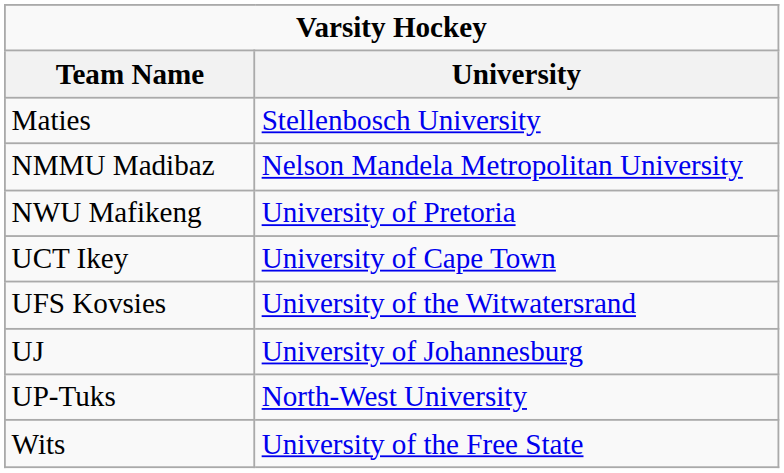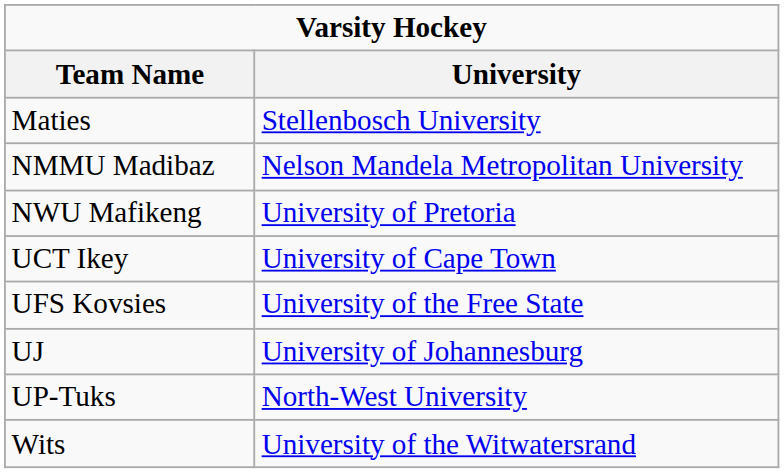 <table class="wikitable">
 <tr>
 <td colspan=3 align=center><strong>Varsity Hockey</strong></td>
 </tr>
 <tr>
 <th width="130">Team Name</th>
 <th width="280">University</th>
 </tr>
 <tr>
 <td>Maties</td>
 <td><a href='#'>Stellenbosch University</a></td>
 </tr>
 <tr>
 <td>NMMU Madibaz</td>
 <td><a href='#'>Nelson Mandela Metropolitan University</a></td>
 </tr>
 <tr>
 <td>NWU Mafikeng</td>
 <td><a href='#'>University of Pretoria</a></td>
 </tr>
 <tr>
 <td>UCT Ikey</td>
 <td><a href='#'>University of Cape Town</a></td>
 </tr>
 <tr>
 <td>UFS Kovsies</td>
-<td><a href='#'>University of the Witwatersrand</a></td>
+<td><a href='#'>University of the Free State</a></td>
 </tr>
 <tr>
 <td>UJ</td>
 <td><a href='#'>University of Johannesburg</a></td>
 </tr>
 <tr>
 <td>UP-Tuks</td>
 <td><a href='#'>North-West University</a></td>
 </tr>
 <tr>
 <td>Wits</td>
-<td><a href='#'>University of the Free State</a></td>
+<td><a href='#'>University of the Witwatersrand</a></td>
 </tr>
 </table>
